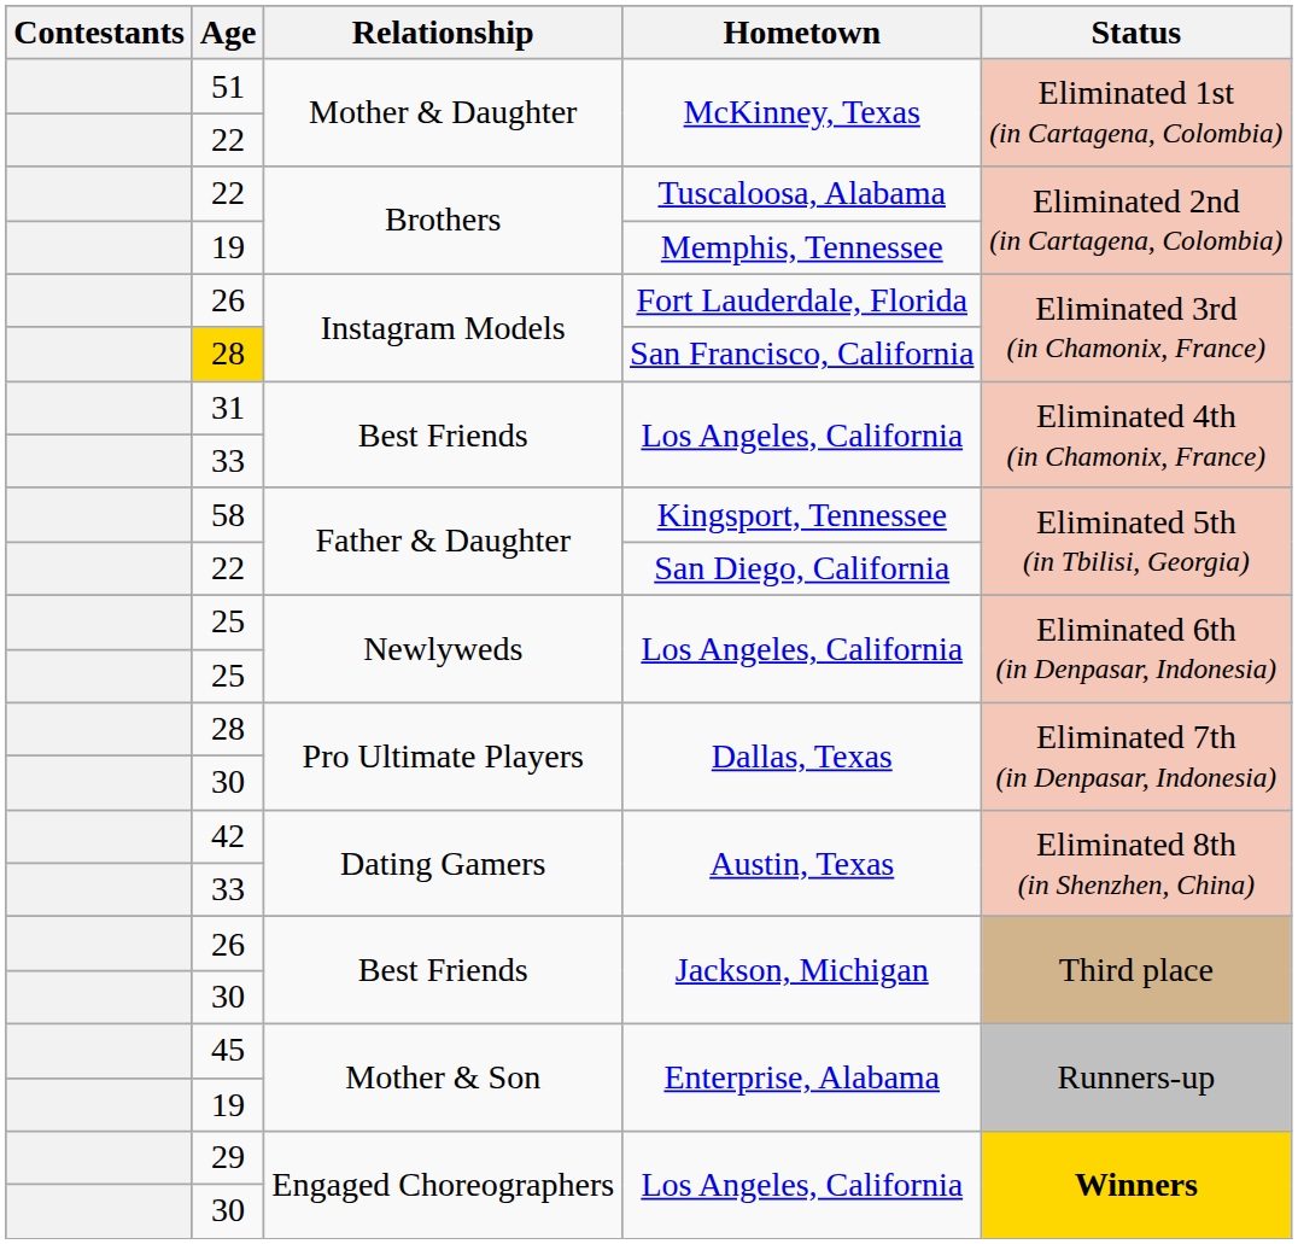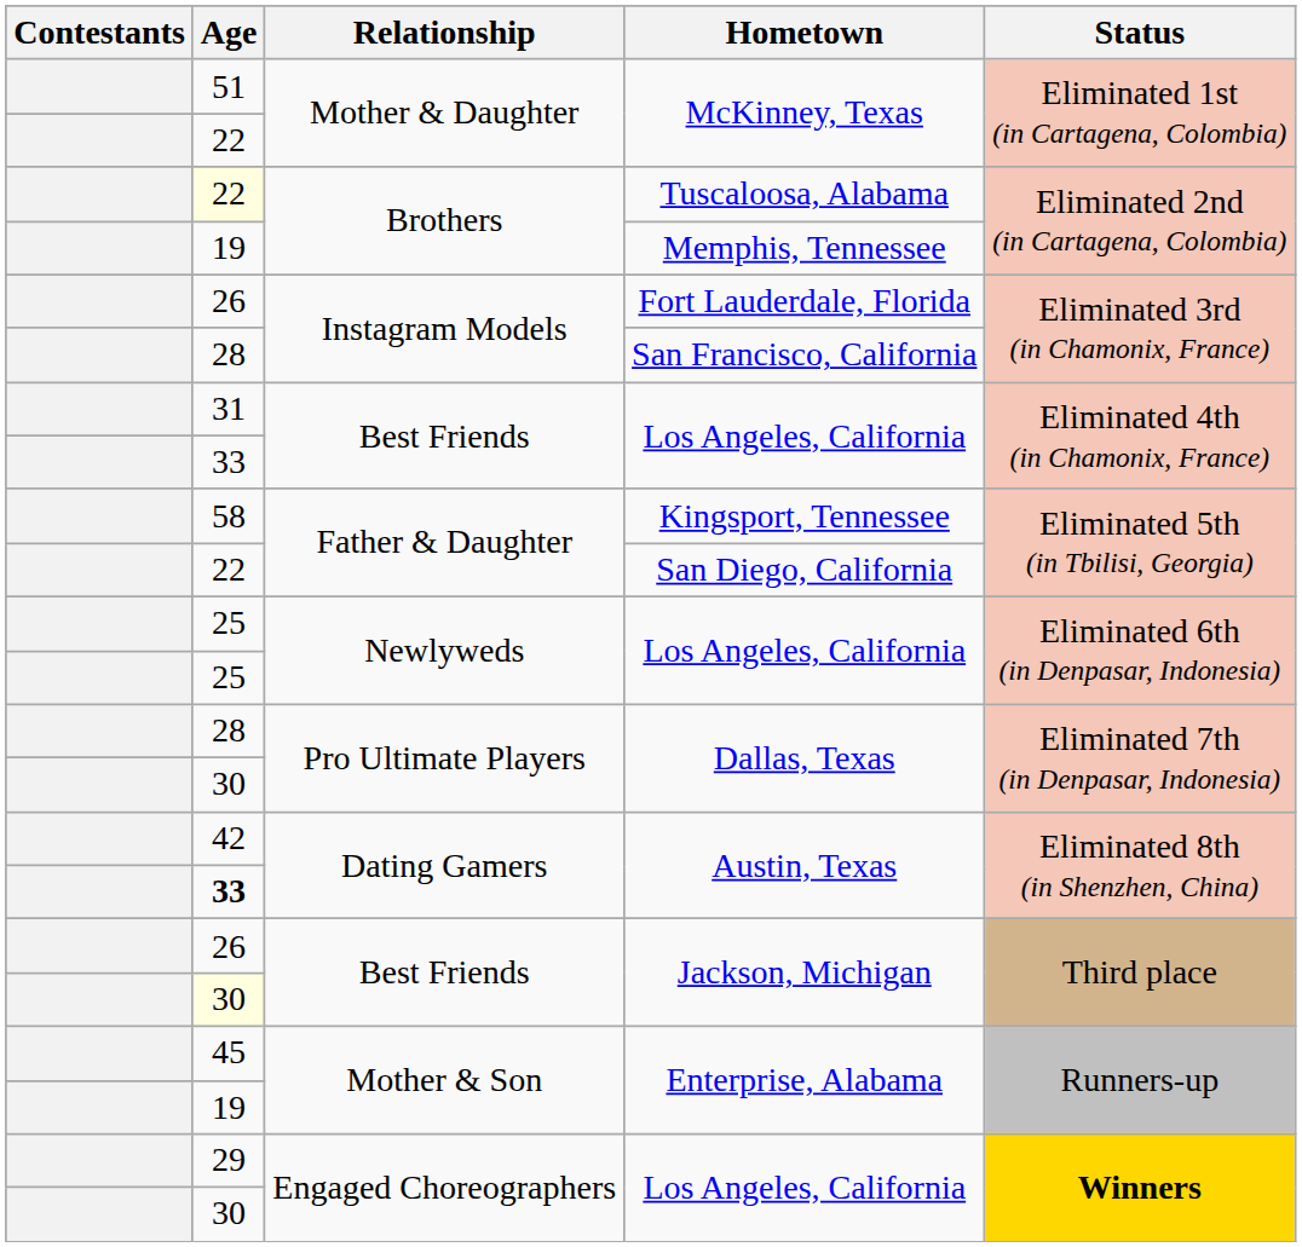 <table class="wikitable sortable" style="text-align:center;">
 <tr>
 <th scope="col">Contestants</th>
 <th scope="col">Age</th>
 <th class="unsortable" scope="col">Relationship</th>
 <th scope="col" class="unsortable">Hometown</th>
 <th scope="col">Status</th>
 </tr>
 <tr>
 <th scope="row"></th>
 <td>51</td>
 <td rowspan="2">Mother & Daughter</td>
 <td rowspan="2"><a href='#'>McKinney, Texas</a></td>
 <td rowspan="2" bgcolor="f4c7b8">Eliminated 1st<br><small><em>(in Cartagena, Colombia)</em></small></td>
 </tr>
 <tr>
 <th scope="row"></th>
 <td>22</td>
 </tr>
 <tr>
 <th scope="row"></th>
-<td>22</td>
+<td style="background: lightyellow;">22</td>
 <td rowspan="2">Brothers</td>
 <td><a href='#'>Tuscaloosa, Alabama</a></td>
 <td rowspan="2" bgcolor="f4c7b8">Eliminated 2nd<br><small><em>(in Cartagena, Colombia)</em></small></td>
 </tr>
 <tr>
 <th scope="row"></th>
 <td>19</td>
 <td><a href='#'>Memphis, Tennessee</a></td>
 </tr>
 <tr>
 <th scope="row"></th>
 <td>26</td>
 <td rowspan="2">Instagram Models</td>
 <td><a href='#'>Fort Lauderdale, Florida</a></td>
 <td rowspan="2" bgcolor="f4c7b8">Eliminated 3rd<br><small><em>(in Chamonix, France)</em></small></td>
 </tr>
 <tr>
 <th scope="row"></th>
-<td style="background: gold;">28</td>
+<td>28</td>
 <td><a href='#'>San Francisco, California</a></td>
 </tr>
 <tr>
 <th scope="row"></th>
 <td>31</td>
 <td rowspan="2">Best Friends</td>
 <td rowspan="2"><a href='#'>Los Angeles, California</a></td>
 <td rowspan="2" bgcolor="f4c7b8">Eliminated 4th<br><small><em>(in Chamonix, France)</em></small></td>
 </tr>
 <tr>
 <th scope="row"></th>
 <td>33</td>
 </tr>
 <tr>
 <th scope="row"></th>
 <td>58</td>
 <td rowspan="2">Father & Daughter</td>
 <td><a href='#'>Kingsport, Tennessee</a></td>
 <td rowspan="2" bgcolor="f4c7b8">Eliminated 5th<br><small><em>(in Tbilisi, Georgia)</em></small></td>
 </tr>
 <tr>
 <th scope="row"></th>
 <td>22</td>
 <td><a href='#'>San Diego, California</a></td>
 </tr>
 <tr>
 <th scope="row"></th>
 <td>25</td>
 <td rowspan="2">Newlyweds</td>
 <td rowspan="2"><a href='#'>Los Angeles, California</a></td>
 <td rowspan="2" bgcolor="f4c7b8">Eliminated 6th<br><small><em>(in Denpasar, Indonesia)</em></small></td>
 </tr>
 <tr>
 <th scope="row"></th>
 <td>25</td>
 </tr>
 <tr>
 <th scope="row"></th>
 <td>28</td>
 <td rowspan="2">Pro Ultimate Players</td>
 <td rowspan="2"><a href='#'>Dallas, Texas</a></td>
 <td rowspan="2" bgcolor="f4c7b8">Eliminated 7th<br><small><em>(in Denpasar, Indonesia)</em></small></td>
 </tr>
 <tr>
 <th scope="row"></th>
 <td>30</td>
 </tr>
 <tr>
 <th scope="row"></th>
 <td>42</td>
 <td rowspan="2">Dating Gamers</td>
 <td rowspan="2"><a href='#'>Austin, Texas</a></td>
 <td rowspan="2" bgcolor="f4c7b8">Eliminated 8th<br><small><em>(in Shenzhen, China)</em></small></td>
 </tr>
 <tr>
 <th scope="row"></th>
-<td>33</td>
+<td><strong>33</strong></td>
 </tr>
 <tr>
 <th scope="row"></th>
 <td>26</td>
 <td rowspan="2">Best Friends</td>
 <td rowspan="2"><a href='#'>Jackson, Michigan</a></td>
 <td rowspan="2" bgcolor="tan">Third place</td>
 </tr>
 <tr>
 <th scope="row"></th>
-<td>30</td>
+<td style="background: lightyellow;">30</td>
 </tr>
 <tr>
 <th scope="row"></th>
 <td>45</td>
 <td rowspan="2">Mother & Son</td>
 <td rowspan="2"><a href='#'>Enterprise, Alabama</a></td>
 <td rowspan="2" bgcolor="silver">Runners-up</td>
 </tr>
 <tr>
 <th scope="row"></th>
 <td>19</td>
 </tr>
 <tr>
 <th scope="row"></th>
 <td>29</td>
 <td rowspan="2">Engaged Choreographers</td>
 <td rowspan="2"><a href='#'>Los Angeles, California</a></td>
 <td rowspan="2" bgcolor="gold"><strong>Winners</strong></td>
 </tr>
 <tr>
 <th scope="row"></th>
 <td>30</td>
 </tr>
 </table>
